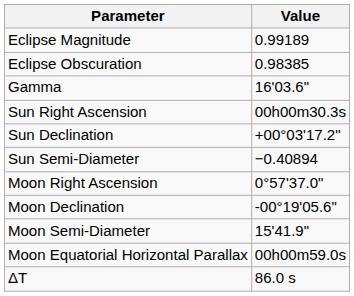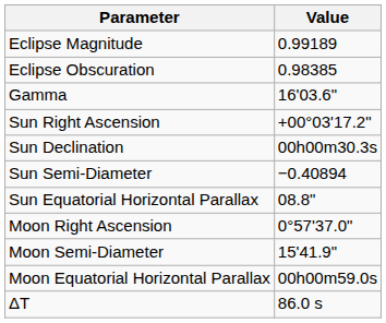 <table class="wikitable">
 <tr>
 <th>Parameter</th>
 <th>Value</th>
 </tr>
 <tr>
 <td>Eclipse Magnitude</td>
 <td>0.99189</td>
 </tr>
 <tr>
 <td>Eclipse Obscuration</td>
 <td>0.98385</td>
 </tr>
 <tr>
 <td>Gamma</td>
 <td>16'03.6"</td>
 </tr>
 <tr>
 <td>Sun Right Ascension</td>
-<td>00h00m30.3s</td>
+<td>+00°03'17.2"</td>
 </tr>
 <tr>
 <td>Sun Declination</td>
-<td>+00°03'17.2"</td>
+<td>00h00m30.3s</td>
 </tr>
 <tr>
 <td>Sun Semi-Diameter</td>
 <td>−0.40894</td>
 </tr>
 <tr>
+<td>Sun Equatorial Horizontal Parallax</td>
+<td>08.8"</td>
+</tr>
+<tr>
 <td>Moon Right Ascension</td>
 <td>0°57'37.0"</td>
-</tr>
-<tr>
-<td>Moon Declination</td>
-<td>-00°19'05.6"</td>
 </tr>
 <tr>
 <td>Moon Semi-Diameter</td>
 <td>15'41.9"</td>
 </tr>
 <tr>
 <td>Moon Equatorial Horizontal Parallax</td>
 <td>00h00m59.0s</td>
 </tr>
 <tr>
 <td>ΔT</td>
 <td>86.0 s</td>
 </tr>
 </table>
